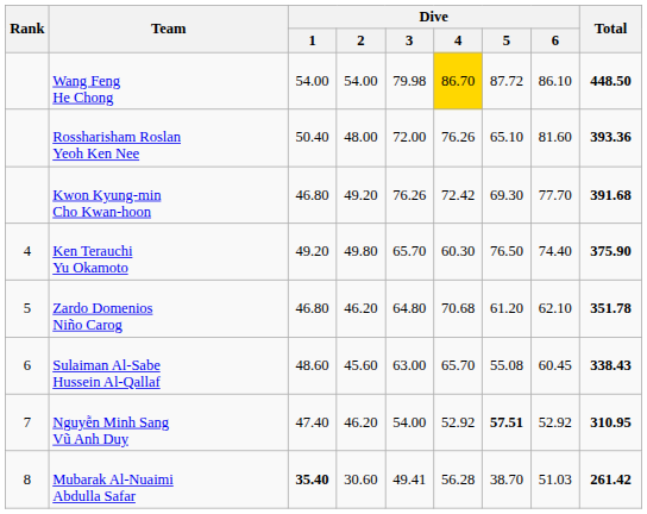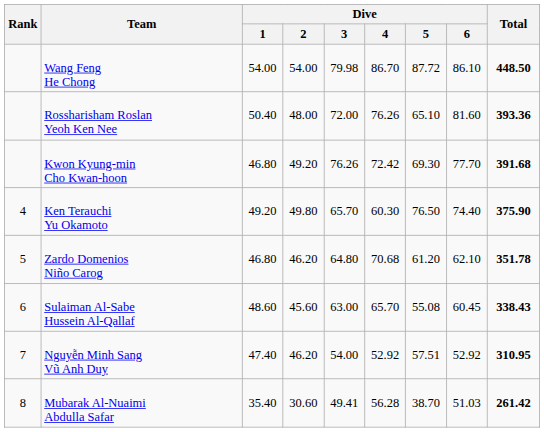 <table class=wikitable style="text-align:center">
 <tr>
 <th rowspan="2" width=40>Rank</th>
 <th rowspan="2" width=250>Team</th>
 <th colspan="6">Dive</th>
 <th rowspan="2" width=60>Total</th>
 </tr>
 <tr>
 <th width=45>1</th>
 <th width=45>2</th>
 <th width=45>3</th>
 <th width=45>4</th>
 <th width=45>5</th>
 <th width=45>6</th>
 </tr>
 <tr>
 <td></td>
 <td align=left><br><a href='#'>Wang Feng</a><br><a href='#'>He Chong</a></td>
 <td>54.00</td>
 <td>54.00</td>
 <td>79.98</td>
-<td style="background: gold;">86.70</td>
+<td>86.70</td>
 <td>87.72</td>
 <td>86.10</td>
 <td><strong>448.50</strong></td>
 </tr>
 <tr>
 <td></td>
 <td align=left><br><a href='#'>Rossharisham Roslan</a><br><a href='#'>Yeoh Ken Nee</a></td>
 <td>50.40</td>
 <td>48.00</td>
 <td>72.00</td>
 <td>76.26</td>
 <td>65.10</td>
 <td>81.60</td>
 <td><strong>393.36</strong></td>
 </tr>
 <tr>
 <td></td>
 <td align=left><br><a href='#'>Kwon Kyung-min</a><br><a href='#'>Cho Kwan-hoon</a></td>
 <td>46.80</td>
 <td>49.20</td>
 <td>76.26</td>
 <td>72.42</td>
 <td>69.30</td>
 <td>77.70</td>
 <td><strong>391.68</strong></td>
 </tr>
 <tr>
 <td>4</td>
 <td align=left><br><a href='#'>Ken Terauchi</a><br><a href='#'>Yu Okamoto</a></td>
 <td>49.20</td>
 <td>49.80</td>
 <td>65.70</td>
 <td>60.30</td>
 <td>76.50</td>
 <td>74.40</td>
 <td><strong>375.90</strong></td>
 </tr>
 <tr>
 <td>5</td>
 <td align=left><br><a href='#'>Zardo Domenios</a><br><a href='#'>Niño Carog</a></td>
 <td>46.80</td>
 <td>46.20</td>
 <td>64.80</td>
 <td>70.68</td>
 <td>61.20</td>
 <td>62.10</td>
 <td><strong>351.78</strong></td>
 </tr>
 <tr>
 <td>6</td>
 <td align=left><br><a href='#'>Sulaiman Al-Sabe</a><br><a href='#'>Hussein Al-Qallaf</a></td>
 <td>48.60</td>
 <td>45.60</td>
 <td>63.00</td>
 <td>65.70</td>
 <td>55.08</td>
 <td>60.45</td>
 <td><strong>338.43</strong></td>
 </tr>
 <tr>
 <td>7</td>
 <td align=left><br><a href='#'>Nguyễn Minh Sang</a><br><a href='#'>Vũ Anh Duy</a></td>
 <td>47.40</td>
 <td>46.20</td>
 <td>54.00</td>
 <td>52.92</td>
-<td><strong>57.51</strong></td>
+<td>57.51</td>
 <td>52.92</td>
 <td><strong>310.95</strong></td>
 </tr>
 <tr>
 <td>8</td>
 <td align=left><br><a href='#'>Mubarak Al-Nuaimi</a><br><a href='#'>Abdulla Safar</a></td>
-<td><strong>35.40</strong></td>
+<td>35.40</td>
 <td>30.60</td>
 <td>49.41</td>
 <td>56.28</td>
 <td>38.70</td>
 <td>51.03</td>
 <td><strong>261.42</strong></td>
 </tr>
 </table>
